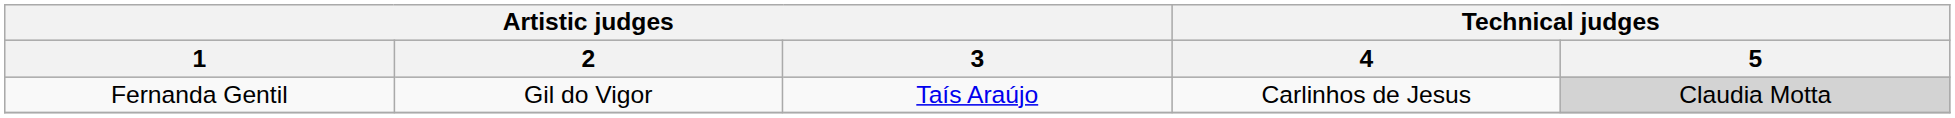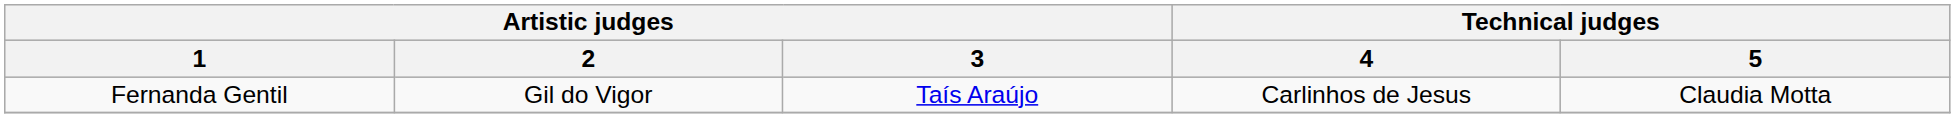 <table class="wikitable" style="font-size:100%; line-height:16px; text-align:center" width="100%">
 <tr TBA>
 <th colspan=3>Artistic judges</th>
 <th colspan=2>Technical judges</th>
 </tr>
 <tr>
 <th width="20.0%">1</th>
 <th width="20.0%">2</th>
 <th width="20.0%">3</th>
 <th width="20.0%">4</th>
 <th width="20.0%">5</th>
 </tr>
 <tr>
 <td>Fernanda Gentil</td>
 <td>Gil do Vigor</td>
 <td><a href='#'>Taís Araújo</a></td>
 <td>Carlinhos de Jesus</td>
-<td style="background: lightgrey;">Claudia Motta</td>
+<td>Claudia Motta</td>
 </tr>
 <tr>
 </tr>
 </table>
